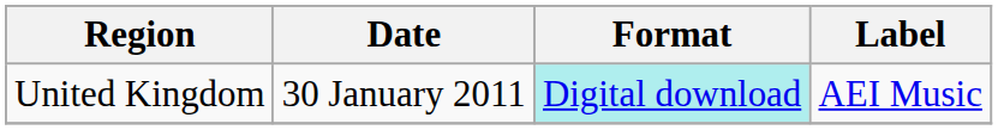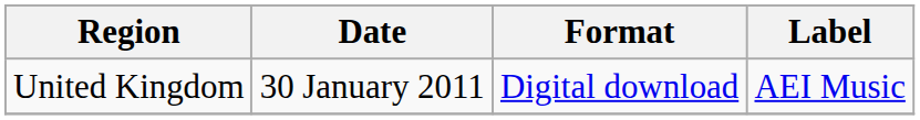 <table class=wikitable>
 <tr>
 <th>Region</th>
 <th>Date</th>
 <th>Format</th>
 <th>Label</th>
 </tr>
 <tr>
 <td>United Kingdom</td>
 <td>30 January 2011</td>
-<td style="background: paleturquoise;"><a href='#'>Digital download</a></td>
+<td><a href='#'>Digital download</a></td>
 <td><a href='#'>AEI Music</a></td>
 </tr>
 <tr>
 </tr>
 </table>
